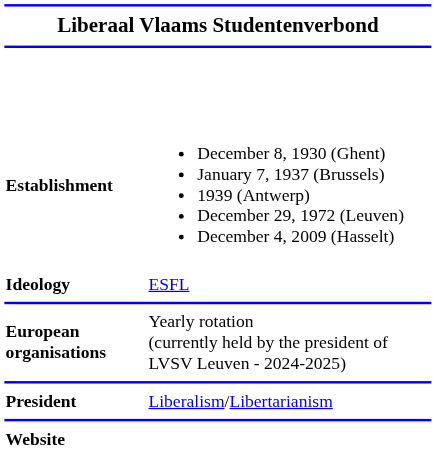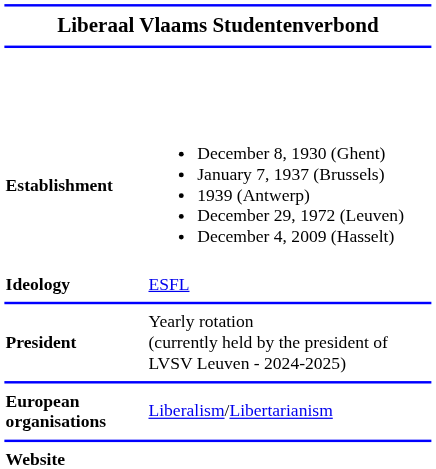 <table class="toccolours" style="float: right; margin: 0 0 .5em .5em; width: 25em; font-size: 90%;" cellspacing="5">
 <tr>
 <td colspan="2" bgcolor="blue"></td>
 </tr>
 <tr>
 <th colspan="2" style="text-align: center; font-size: larger;"><strong>Liberaal Vlaams Studentenverbond</strong></th>
 </tr>
 <tr>
 <td colspan="2" bgcolor="blue"></td>
 </tr>
 <tr>
 <td colspan="2" style="padding: 1em 0; text-align: center;"></td>
 </tr>
 <tr>
 <td colspan="2"></td>
 </tr>
 <tr style="text-align: left;">
 <td><strong>Establishment</strong></td>
 <td><br><ul><li>December 8, 1930 (Ghent)</li><li>January 7, 1937 (Brussels)</li><li>1939 (Antwerp)</li><li>December 29, 1972 (Leuven)</li><li>December 4, 2009 (Hasselt)</li></ul></td>
 </tr>
 <tr style="text-align: left;">
 <td><strong>Ideology</strong></td>
 <td><a href='#'>ESFL</a></td>
 </tr>
 <tr>
 <td colspan="2" bgcolor="blue"></td>
 </tr>
 <tr style="text-align: left;">
-<td><strong>European organisations</strong></td>
+<td><strong>President</strong></td>
 <td>Yearly rotation<br>(currently held by the president of LVSV Leuven - 2024-2025)</td>
 </tr>
 <tr>
 <td colspan="2" bgcolor="blue"></td>
 </tr>
 <tr style="text-align: left;">
-<td><strong>President</strong></td>
+<td><strong>European organisations</strong></td>
 <td><a href='#'>Liberalism</a>/<a href='#'>Libertarianism</a></td>
 </tr>
 <tr>
 <td colspan="2" bgcolor="blue"></td>
 </tr>
 <tr style="text-align: left;">
 <td><strong>Website</strong></td>
 <td></td>
 </tr>
 </table>
